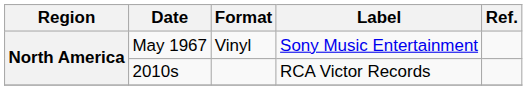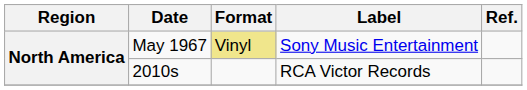 <table class="wikitable plainrowheaders">
 <tr>
 <th scope="col">Region</th>
 <th scope="col">Date</th>
 <th scope="col">Format</th>
 <th scope="col">Label</th>
 <th scope="col">Ref.</th>
 </tr>
 <tr>
 <th scope="row" rowspan="2">North America</th>
 <td>May 1967</td>
-<td>Vinyl</td>
+<td style="background: khaki;">Vinyl</td>
 <td><a href='#'>Sony Music Entertainment</a></td>
 <td></td>
 </tr>
 <tr>
 <td>2010s</td>
 <td></td>
 <td>RCA Victor Records</td>
 <td></td>
 </tr>
 <tr>
 </tr>
 </table>
